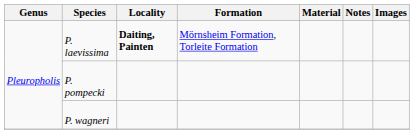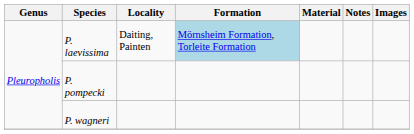 <table class="wikitable" align="center"  width="100%">
 <tr>
 <th>Genus</th>
 <th>Species</th>
 <th>Locality</th>
 <th>Formation</th>
 <th>Material</th>
 <th>Notes</th>
 <th>Images</th>
 </tr>
 <tr>
 <td rowspan="3"><br><em><a href='#'>Pleuropholis</a></em></td>
 <td><br><em>P. laevissima</em></td>
-<td><strong>Daiting, Painten</strong></td>
-<td><a href='#'>Mörnsheim Formation</a>, <a href='#'>Torleite Formation</a></td>
+<td>Daiting, Painten</td>
+<td style="background: lightblue;"><a href='#'>Mörnsheim Formation</a>, <a href='#'>Torleite Formation</a></td>
 <td></td>
 <td></td>
 <td></td>
 </tr>
 <tr>
 <td><br><em>P. pompecki</em></td>
 <td></td>
 <td></td>
 <td></td>
 <td></td>
 <td></td>
 </tr>
 <tr>
 <td><br><em>P. wagneri</em></td>
 <td></td>
 <td></td>
 <td></td>
 <td></td>
 <td></td>
 </tr>
 <tr>
 </tr>
 </table>
